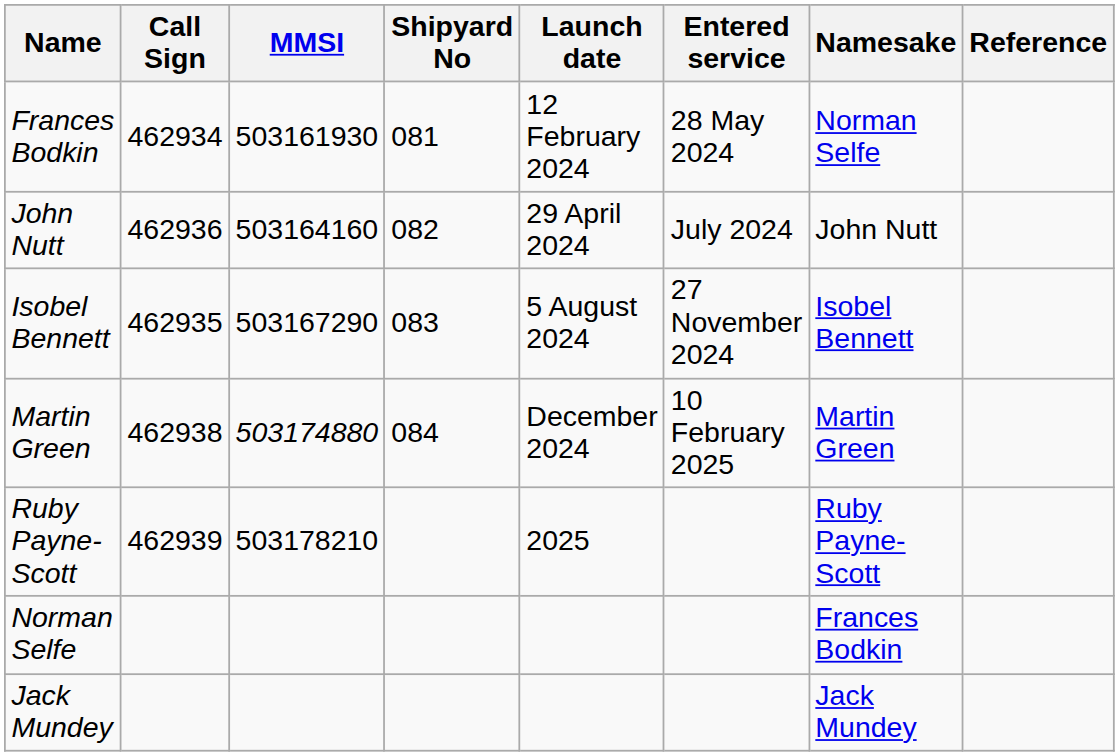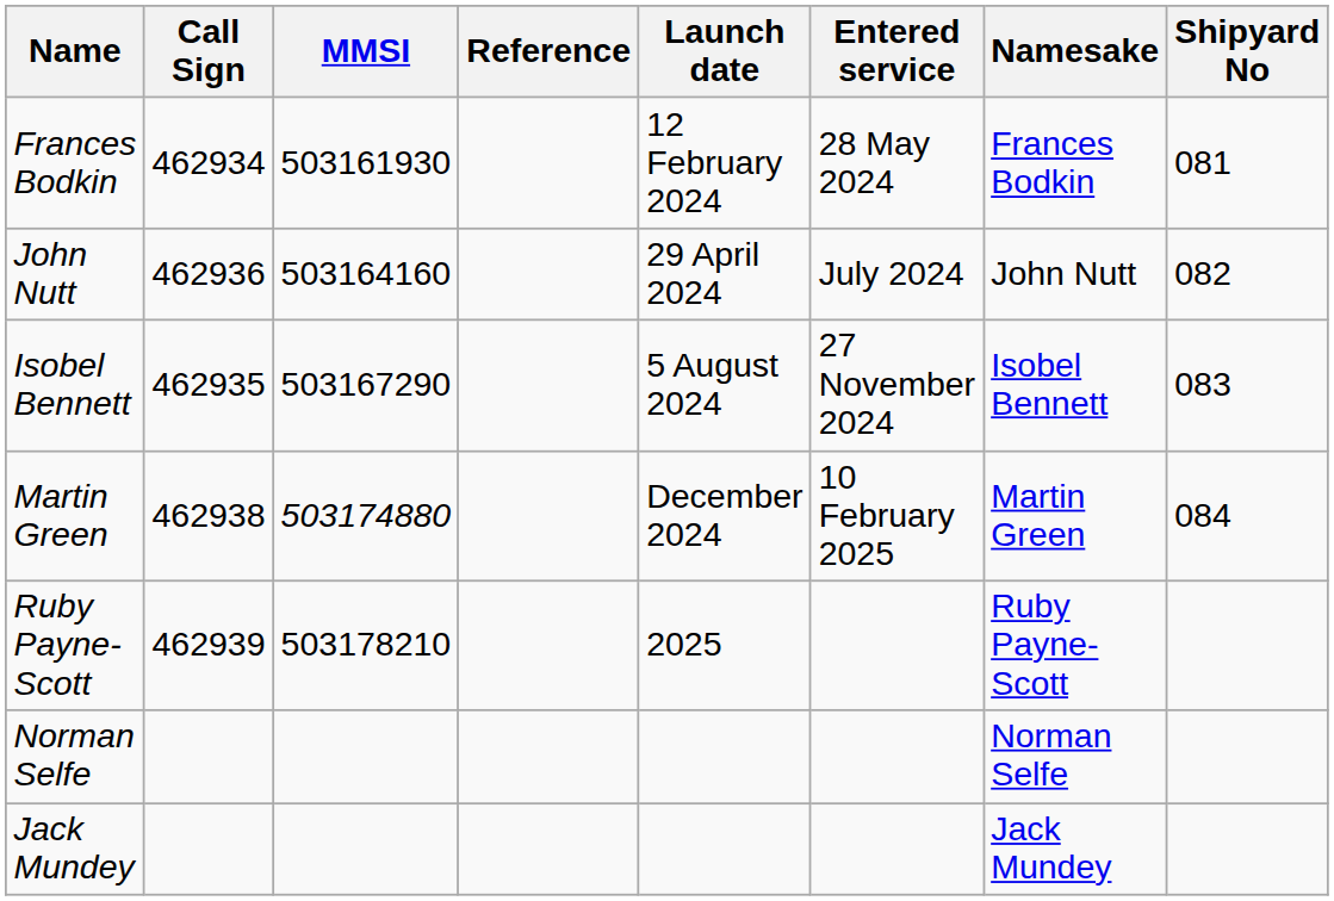 <table class="wikitable sortable">
 <tr>
 <th>Name</th>
 <th>Call Sign</th>
 <th><a href='#'>MMSI</a></th>
-<th>Shipyard No</th>
+<th>Reference</th>
 <th>Launch date</th>
 <th>Entered service</th>
 <th>Namesake</th>
-<th>Reference</th>
+<th>Shipyard No</th>
 </tr>
 <tr>
 <td><em>Frances Bodkin</em></td>
 <td>462934</td>
 <td>503161930</td>
-<td>081</td>
+<td></td>
 <td>12 February 2024</td>
 <td>28 May 2024</td>
-<td><a href='#'>Norman Selfe</a></td>
-<td></td>
+<td><a href='#'>Frances Bodkin</a></td>
+<td>081</td>
 </tr>
 <tr>
 <td><em>John Nutt</em></td>
 <td>462936</td>
 <td>503164160</td>
-<td>082</td>
+<td></td>
 <td>29 April 2024</td>
 <td>July 2024</td>
 <td>John Nutt</td>
-<td></td>
+<td>082</td>
 </tr>
 <tr>
 <td><em>Isobel Bennett</em></td>
 <td>462935</td>
 <td>503167290</td>
-<td>083</td>
+<td></td>
 <td>5 August 2024</td>
 <td>27 November 2024</td>
 <td><a href='#'>Isobel Bennett</a></td>
-<td></td>
+<td>083</td>
 </tr>
 <tr>
 <td><em>Martin Green</em></td>
 <td>462938</td>
 <td><em>503174880</em></td>
-<td>084</td>
+<td></td>
 <td>December 2024</td>
 <td>10 February 2025</td>
 <td><a href='#'>Martin Green</a></td>
-<td></td>
+<td>084</td>
 </tr>
 <tr>
 <td><em>Ruby Payne-Scott</em></td>
 <td>462939</td>
 <td>503178210</td>
 <td></td>
 <td>2025</td>
 <td></td>
 <td><a href='#'>Ruby Payne-Scott</a></td>
 <td></td>
 </tr>
 <tr>
 <td><em>Norman Selfe</em></td>
 <td></td>
 <td></td>
 <td></td>
 <td></td>
 <td></td>
-<td><a href='#'>Frances Bodkin</a></td>
+<td><a href='#'>Norman Selfe</a></td>
 <td></td>
 </tr>
 <tr>
 <td><em>Jack Mundey</em></td>
 <td></td>
 <td></td>
 <td></td>
 <td></td>
 <td></td>
 <td><a href='#'>Jack Mundey</a></td>
 <td></td>
 </tr>
 </table>
